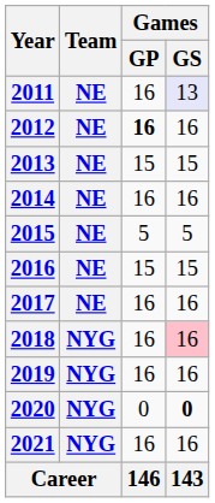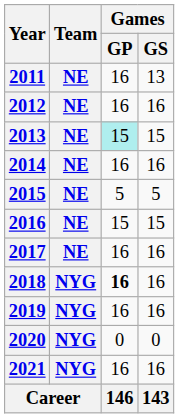 <table class="wikitable" style="text-align: center;">
 <tr>
 <th rowspan="2">Year</th>
 <th rowspan="2">Team</th>
 <th colspan="2">Games</th>
 </tr>
 <tr>
 <th>GP</th>
 <th>GS</th>
 </tr>
 <tr>
 <th><a href='#'>2011</a></th>
 <th><a href='#'>NE</a></th>
 <td>16</td>
-<td style="background: lavender;">13</td>
+<td>13</td>
 </tr>
 <tr>
 <th><a href='#'>2012</a></th>
 <th><a href='#'>NE</a></th>
-<td><strong>16</strong></td>
+<td>16</td>
 <td>16</td>
 </tr>
 <tr>
 <th><a href='#'>2013</a></th>
 <th><a href='#'>NE</a></th>
-<td>15</td>
+<td style="background: paleturquoise;">15</td>
 <td>15</td>
 </tr>
 <tr>
 <th><a href='#'>2014</a></th>
 <th><a href='#'>NE</a></th>
 <td>16</td>
 <td>16</td>
 </tr>
 <tr>
 <th><a href='#'>2015</a></th>
 <th><a href='#'>NE</a></th>
 <td>5</td>
 <td>5</td>
 </tr>
 <tr>
 <th><a href='#'>2016</a></th>
 <th><a href='#'>NE</a></th>
 <td>15</td>
 <td>15</td>
 </tr>
 <tr>
 <th><a href='#'>2017</a></th>
 <th><a href='#'>NE</a></th>
 <td>16</td>
 <td>16</td>
 </tr>
 <tr>
 <th><a href='#'>2018</a></th>
 <th><a href='#'>NYG</a></th>
+<td><strong>16</strong></td>
 <td>16</td>
-<td style="background: pink;">16</td>
 </tr>
 <tr>
 <th><a href='#'>2019</a></th>
 <th><a href='#'>NYG</a></th>
 <td>16</td>
 <td>16</td>
 </tr>
 <tr>
 <th><a href='#'>2020</a></th>
 <th><a href='#'>NYG</a></th>
 <td>0</td>
-<td><strong>0</strong></td>
+<td>0</td>
 </tr>
 <tr>
 <th><a href='#'>2021</a></th>
 <th><a href='#'>NYG</a></th>
 <td>16</td>
 <td>16</td>
 </tr>
 <tr>
 <th colspan="2">Career</th>
 <th>146</th>
 <th>143</th>
 </tr>
 </table>
